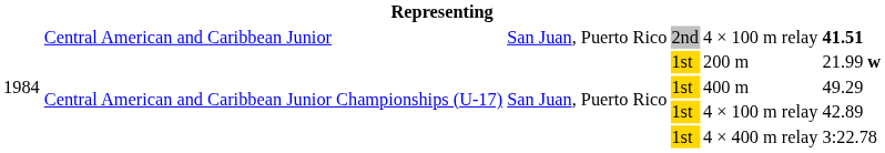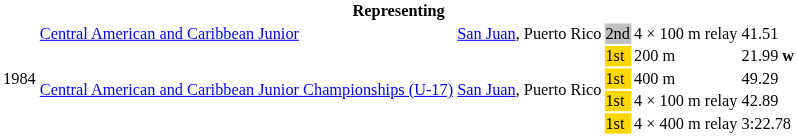 <table>
 <tr>
 <th colspan=6>Representing </th>
 </tr>
 <tr>
 <td rowspan=5>1984</td>
 <td><a href='#'>Central American and Caribbean Junior</a></td>
 <td><a href='#'>San Juan</a>, Puerto Rico</td>
 <td style="background:silver;">2nd</td>
 <td>4 × 100 m relay</td>
-<td><strong>41.51</strong></td>
+<td>41.51</td>
 </tr>
 <tr>
 <td rowspan=4><a href='#'>Central American and Caribbean Junior Championships (U-17)</a></td>
 <td rowspan=4><a href='#'>San Juan</a>, Puerto Rico</td>
 <td bgcolor=gold>1st</td>
 <td>200 m</td>
 <td>21.99 <strong>w</strong></td>
 </tr>
 <tr>
 <td bgcolor=gold>1st</td>
 <td>400 m</td>
 <td>49.29</td>
 </tr>
 <tr>
 <td bgcolor=gold>1st</td>
 <td>4 × 100 m relay</td>
 <td>42.89</td>
 </tr>
 <tr>
 <td bgcolor=gold>1st</td>
 <td>4 × 400 m relay</td>
 <td>3:22.78</td>
 </tr>
 </table>
